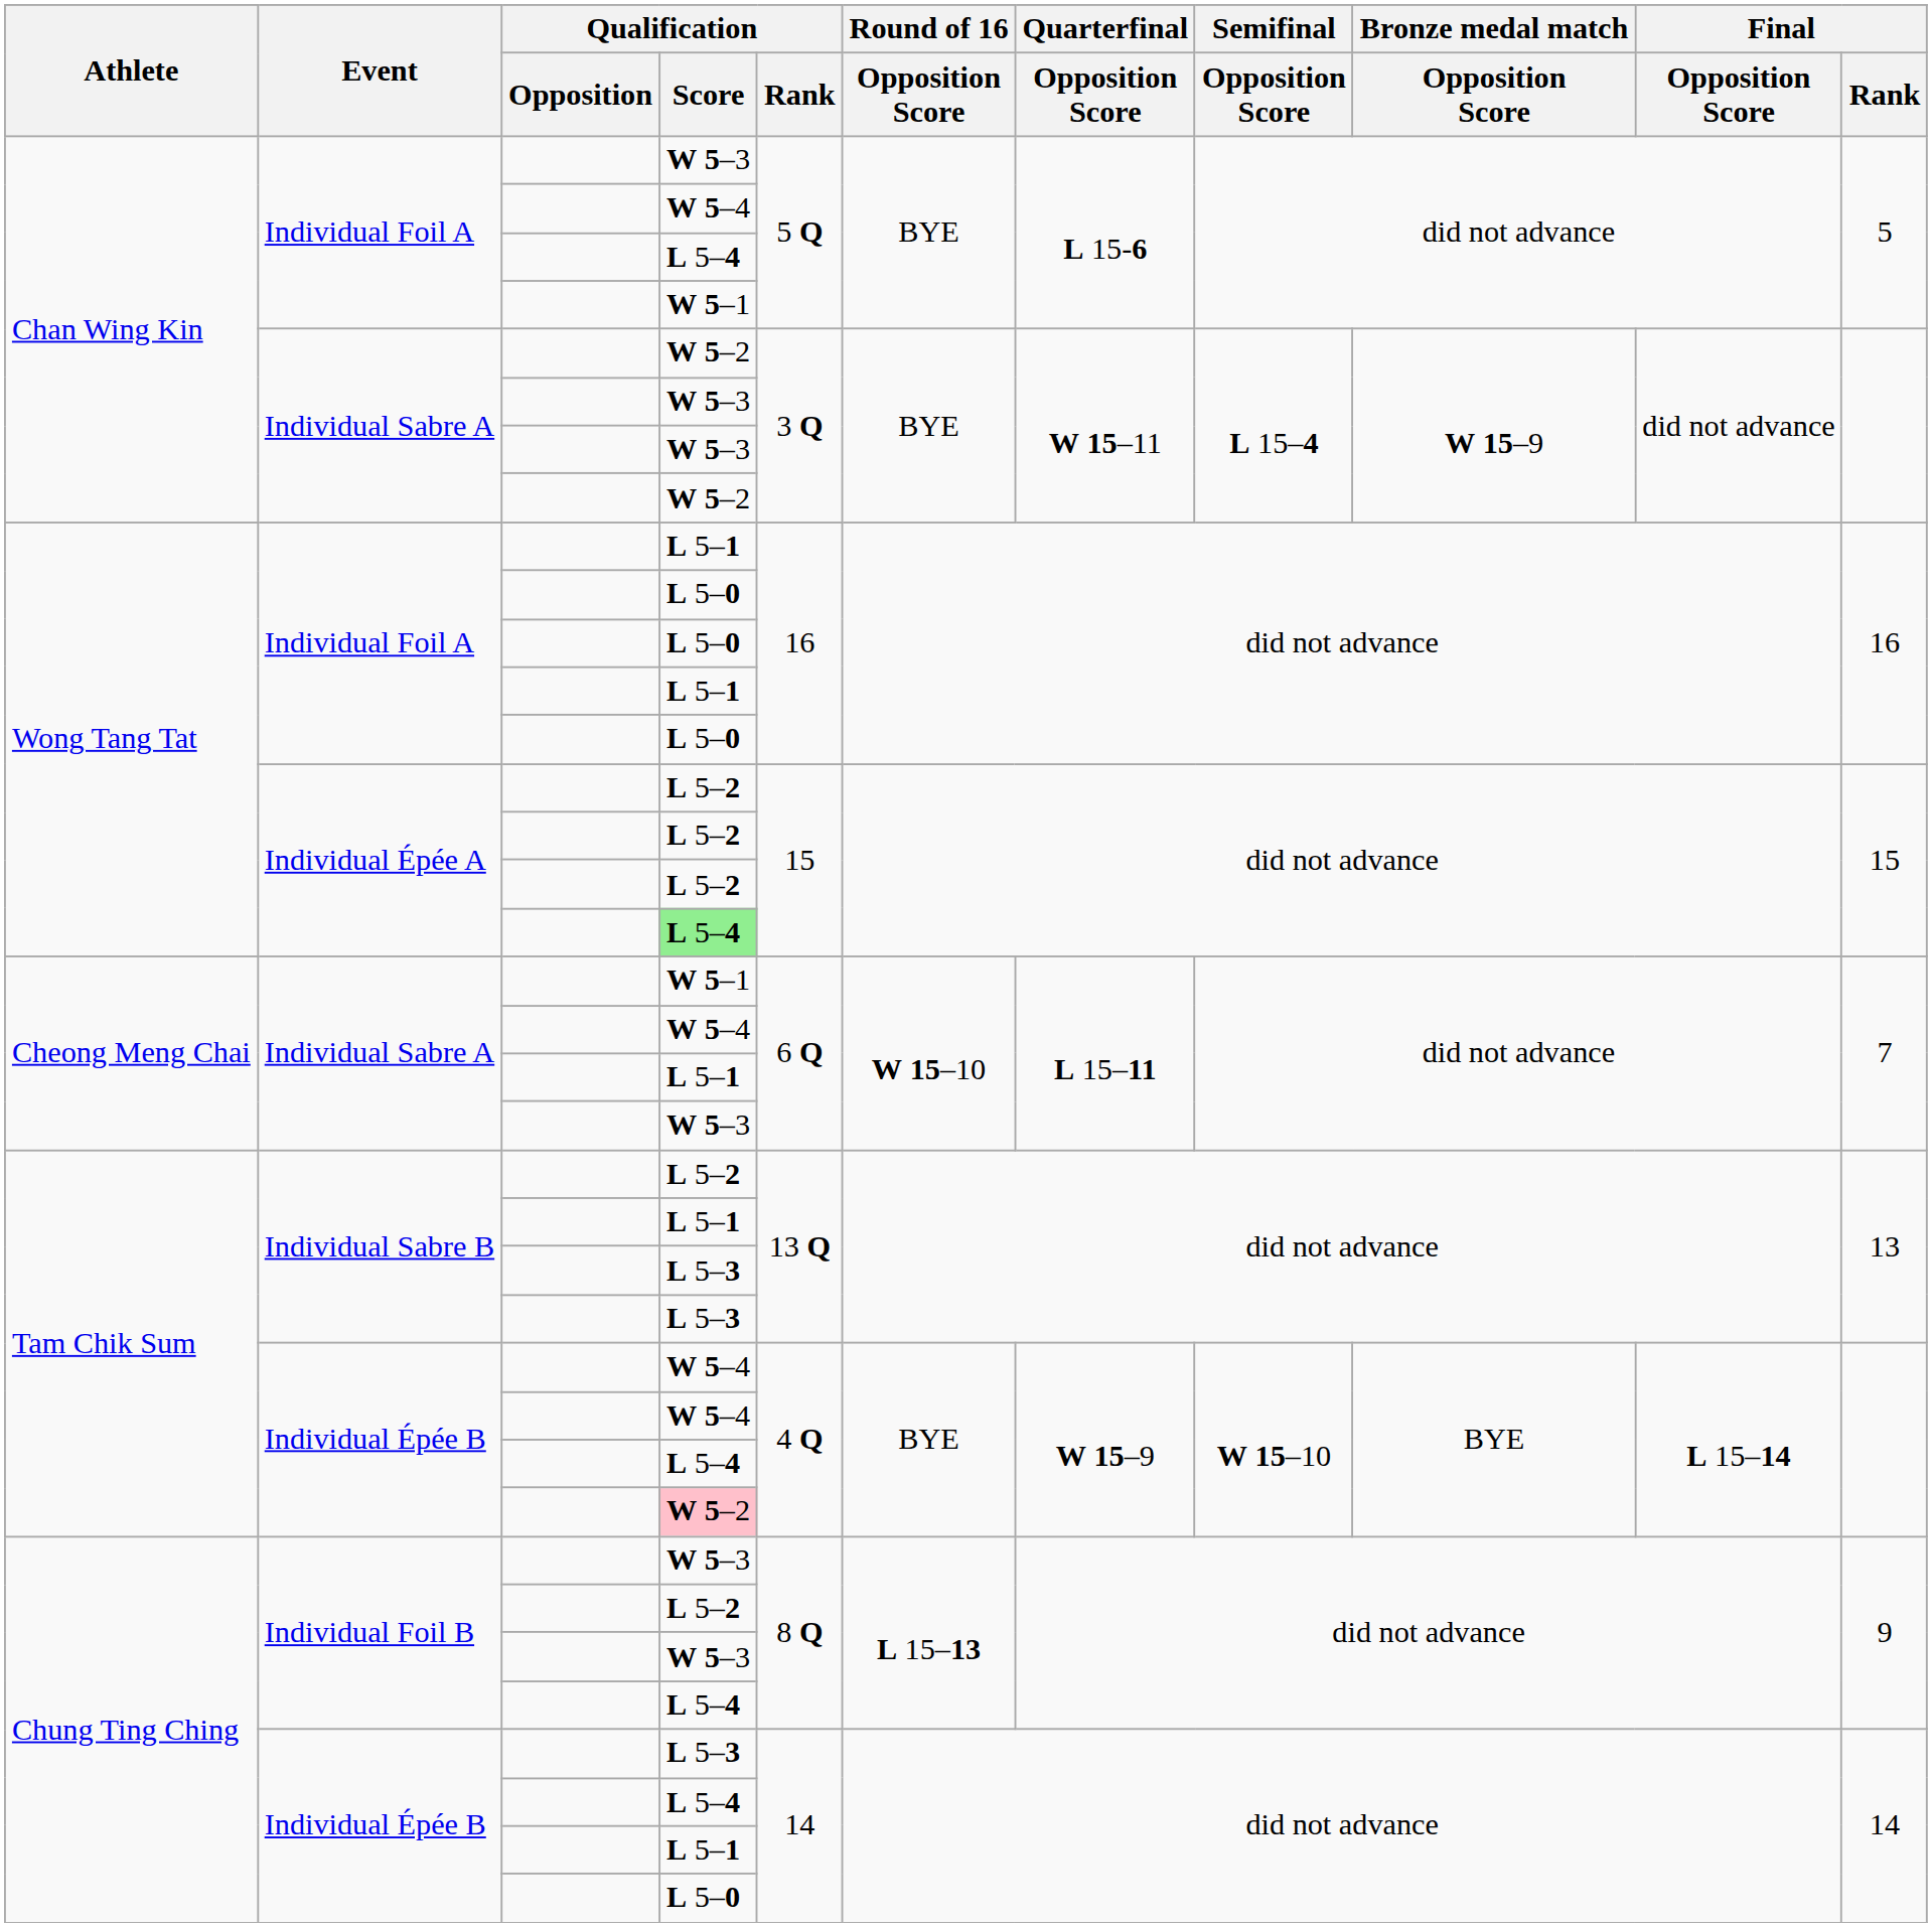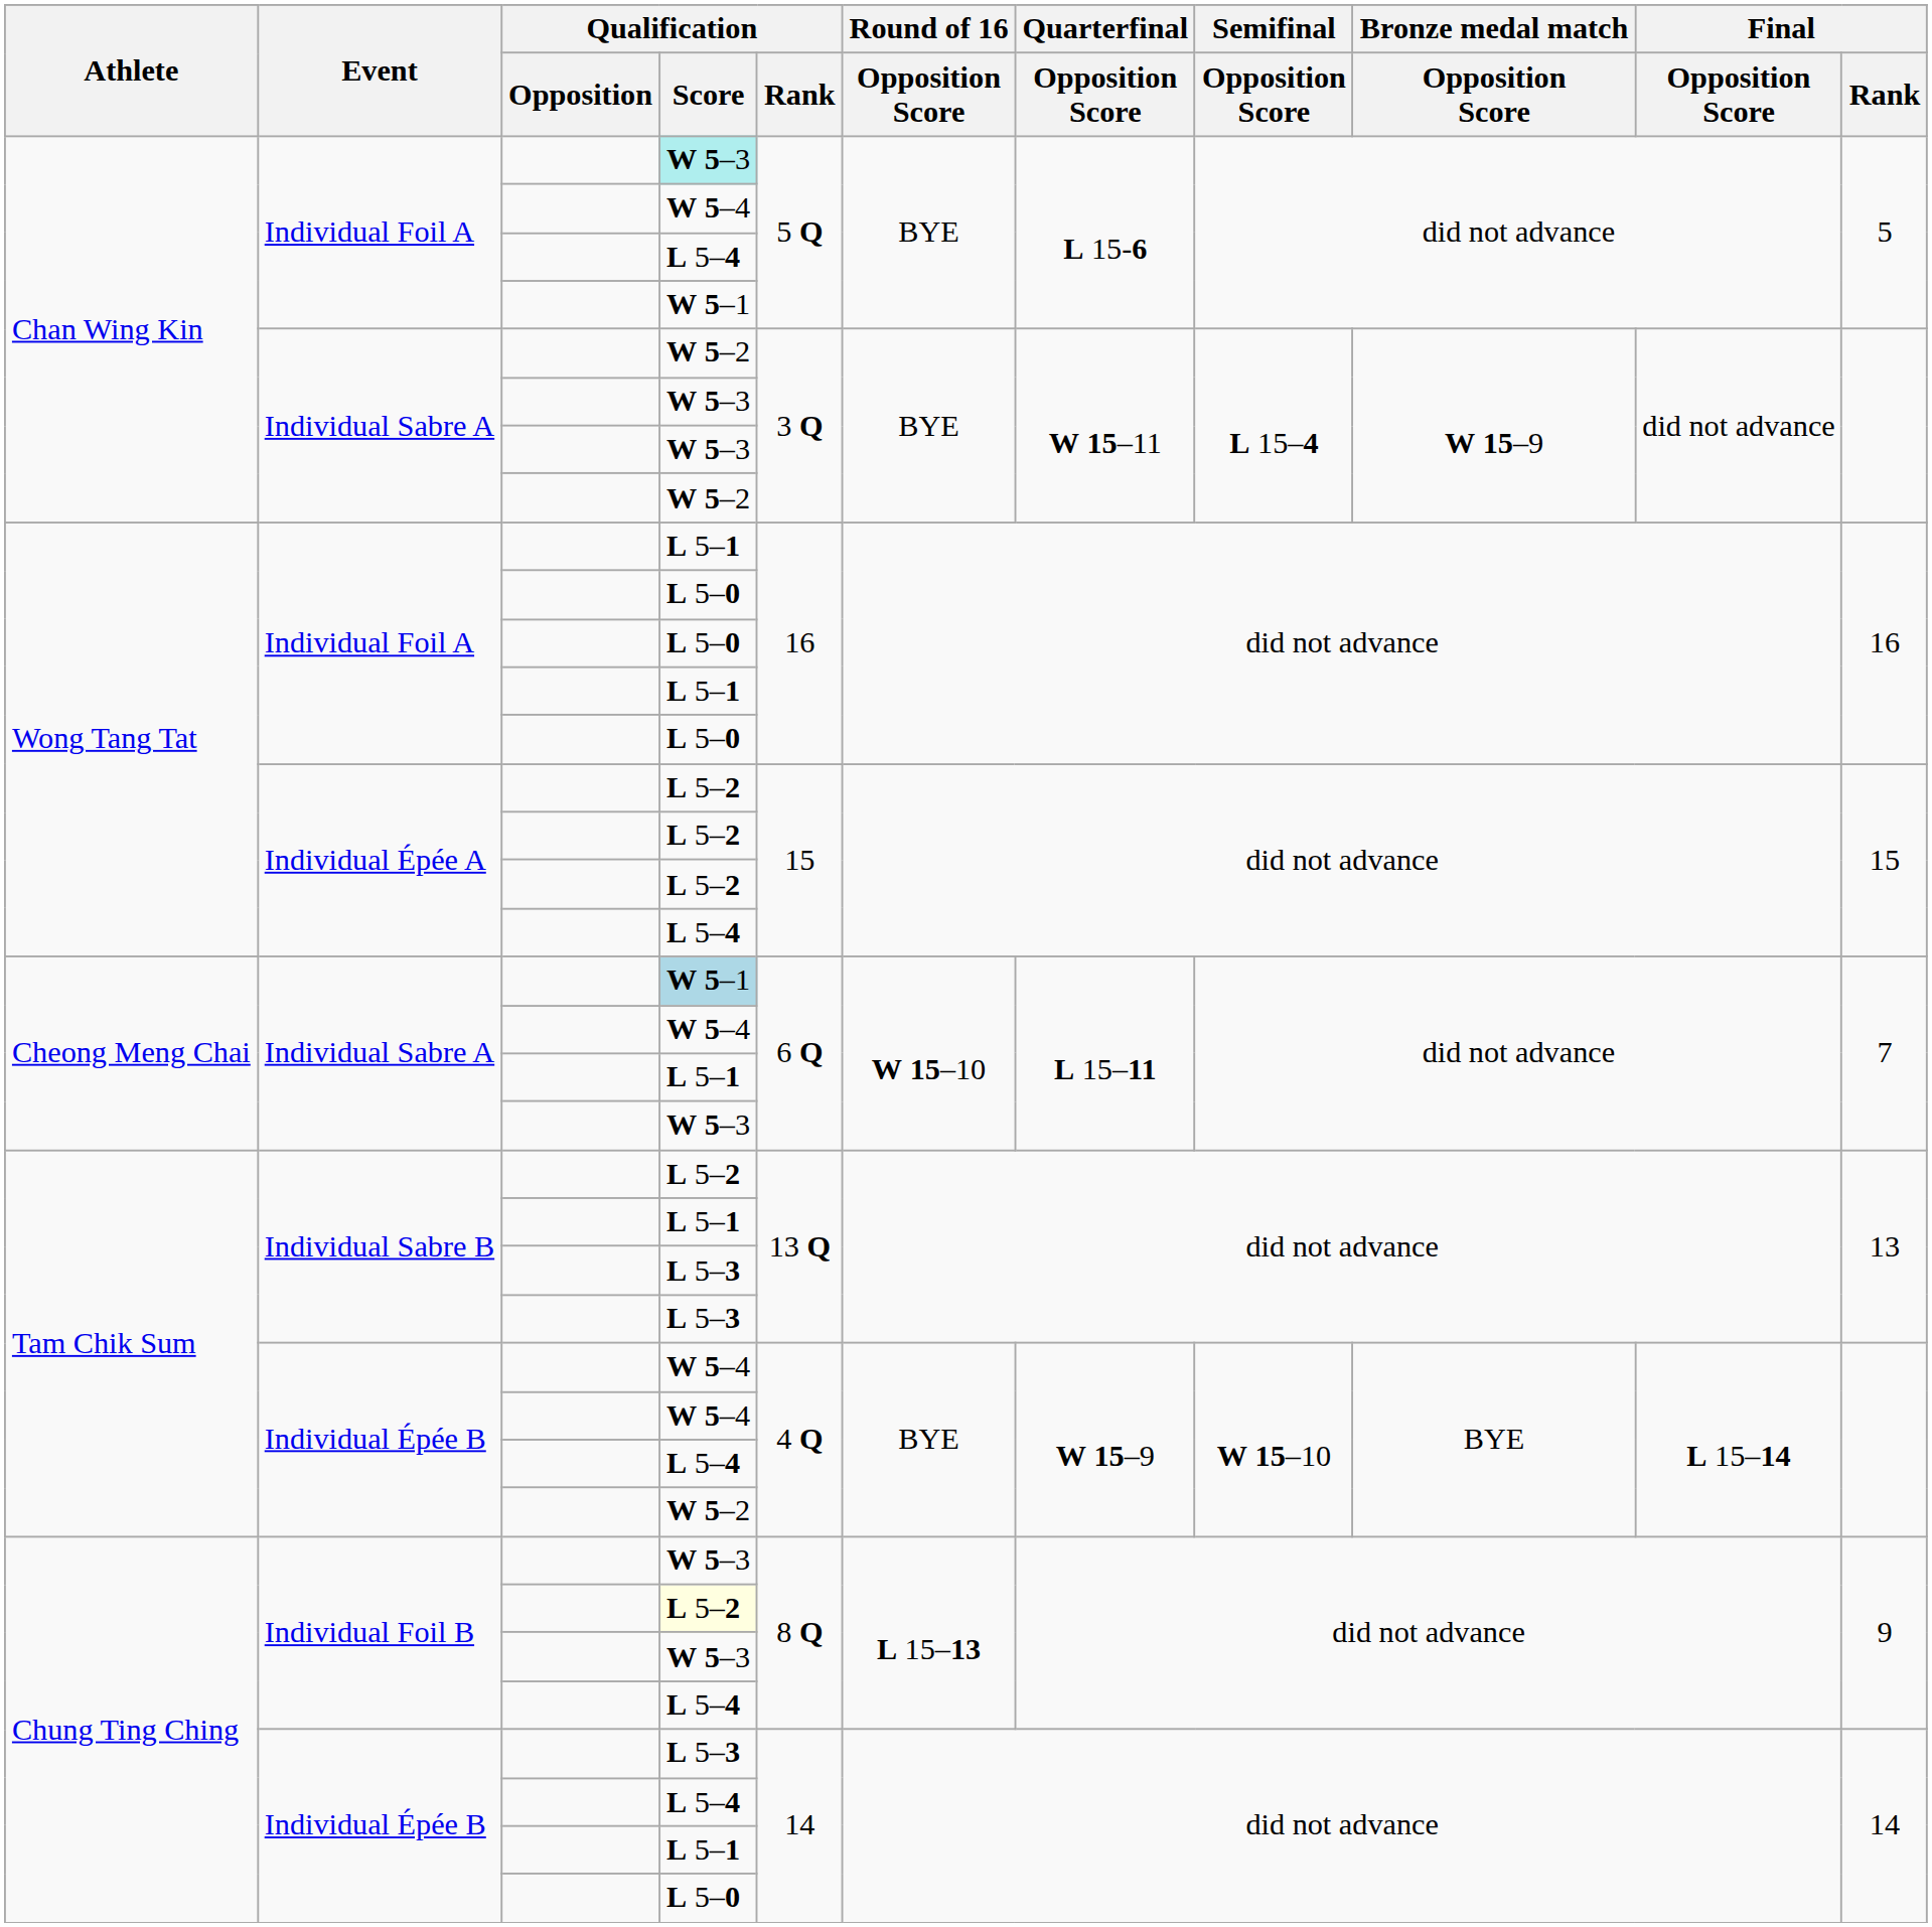 <table class=wikitable>
 <tr>
 <th rowspan="2">Athlete</th>
 <th rowspan="2">Event</th>
 <th colspan="3">Qualification</th>
 <th>Round of 16</th>
 <th>Quarterfinal</th>
 <th>Semifinal</th>
 <th>Bronze medal match</th>
 <th colspan="2">Final</th>
 </tr>
 <tr>
 <th>Opposition</th>
 <th>Score</th>
 <th>Rank</th>
 <th>Opposition<br>Score</th>
 <th>Opposition<br>Score</th>
 <th>Opposition<br>Score</th>
 <th>Opposition<br>Score</th>
 <th>Opposition<br>Score</th>
 <th>Rank</th>
 </tr>
 <tr>
 <td rowspan="8"><a href='#'>Chan Wing Kin</a></td>
 <td rowspan=4><a href='#'>Individual Foil A</a></td>
 <td></td>
-<td><strong>W</strong> <strong>5</strong>–3</td>
+<td style="background: paleturquoise;"><strong>W</strong> <strong>5</strong>–3</td>
 <td align="center" rowspan=4>5 <strong>Q</strong></td>
 <td align="center" rowspan=4>BYE</td>
 <td align="center" rowspan=4><br><strong>L</strong> 15-<strong>6</strong></td>
 <td align="center" rowspan=4 colspan="3">did not advance</td>
 <td align="center" rowspan=4 colspan="3">5</td>
 </tr>
 <tr>
 <td></td>
 <td><strong>W</strong> <strong>5</strong>–4</td>
 </tr>
 <tr>
 <td></td>
 <td><strong>L</strong> 5–<strong>4</strong></td>
 </tr>
 <tr>
 <td></td>
 <td><strong>W</strong> <strong>5</strong>–1</td>
 </tr>
 <tr>
 <td rowspan=4><a href='#'>Individual Sabre A</a></td>
 <td></td>
 <td><strong>W</strong> <strong>5</strong>–2</td>
 <td align="center" rowspan=4>3 <strong>Q</strong></td>
 <td align="center" rowspan=4>BYE</td>
 <td align="center" rowspan=4><br> <strong>W</strong> <strong>15</strong>–11</td>
 <td align="center" rowspan=4><br> <strong>L</strong> 15–<strong>4</strong></td>
 <td align="center" rowspan=4><br> <strong>W</strong> <strong>15</strong>–9</td>
 <td align="center" rowspan=4>did not advance</td>
 <td align="center" rowspan=4></td>
 </tr>
 <tr>
 <td></td>
 <td><strong>W</strong> <strong>5</strong>–3</td>
 </tr>
 <tr>
 <td></td>
 <td><strong>W</strong> <strong>5</strong>–3</td>
 </tr>
 <tr>
 <td></td>
 <td><strong>W</strong> <strong>5</strong>–2</td>
 </tr>
 <tr>
 <td rowspan="9"><a href='#'>Wong Tang Tat</a></td>
 <td rowspan=5><a href='#'>Individual Foil A</a></td>
 <td></td>
 <td><strong>L</strong> 5–<strong>1</strong></td>
 <td align="center" rowspan=5>16</td>
 <td align="center" rowspan=5 colspan="5">did not advance</td>
 <td align="center" rowspan=5>16</td>
 </tr>
 <tr>
 <td></td>
 <td><strong>L</strong> 5–<strong>0</strong></td>
 </tr>
 <tr>
 <td></td>
 <td><strong>L</strong> 5–<strong>0</strong></td>
 </tr>
 <tr>
 <td></td>
 <td><strong>L</strong> 5–<strong>1</strong></td>
 </tr>
 <tr>
 <td></td>
 <td><strong>L</strong> 5–<strong>0</strong></td>
 </tr>
 <tr>
 <td rowspan=4><a href='#'>Individual Épée A</a></td>
 <td></td>
 <td><strong>L</strong> 5–<strong>2</strong></td>
 <td align="center" rowspan=4>15</td>
 <td align="center" rowspan=4 colspan="5">did not advance</td>
 <td align="center" rowspan=4>15</td>
 </tr>
 <tr>
 <td></td>
 <td><strong>L</strong> 5–<strong>2</strong></td>
 </tr>
 <tr>
 <td></td>
 <td><strong>L</strong> 5–<strong>2</strong></td>
 </tr>
 <tr>
 <td></td>
-<td style="background: lightgreen;"><strong>L</strong> 5–<strong>4</strong></td>
+<td><strong>L</strong> 5–<strong>4</strong></td>
 </tr>
 <tr>
 <td rowspan="4"><a href='#'>Cheong Meng Chai</a></td>
 <td rowspan=4><a href='#'>Individual Sabre A</a></td>
 <td></td>
-<td><strong>W</strong> <strong>5</strong>–1</td>
+<td style="background: lightblue;"><strong>W</strong> <strong>5</strong>–1</td>
 <td align="center" rowspan=4>6 <strong>Q</strong></td>
 <td align="center" rowspan=4><br><strong>W</strong> <strong>15</strong>–10</td>
 <td align="center" rowspan=4><br> <strong>L</strong> 15–<strong>11</strong></td>
 <td align="center" rowspan=4 colspan="3">did not advance</td>
 <td align="center" rowspan=4 colspan="3">7</td>
 </tr>
 <tr>
 <td></td>
 <td><strong>W</strong> <strong>5</strong>–4</td>
 </tr>
 <tr>
 <td></td>
 <td><strong>L</strong> 5–<strong>1</strong></td>
 </tr>
 <tr>
 <td></td>
 <td><strong>W</strong> <strong>5</strong>–3</td>
 </tr>
 <tr>
 <td rowspan="8"><a href='#'>Tam Chik Sum</a></td>
 <td rowspan="4"><a href='#'>Individual Sabre B</a></td>
 <td></td>
 <td><strong>L</strong> 5–<strong>2</strong></td>
 <td align="center" rowspan=4>13 <strong>Q</strong></td>
 <td align="center" rowspan=4 colspan="5">did not advance</td>
 <td align="center" rowspan=4 colspan="3">13</td>
 </tr>
 <tr>
 <td></td>
 <td><strong>L</strong> 5–<strong>1</strong></td>
 </tr>
 <tr>
 <td></td>
 <td><strong>L</strong> 5–<strong>3</strong></td>
 </tr>
 <tr>
 <td></td>
 <td><strong>L</strong> 5–<strong>3</strong></td>
 </tr>
 <tr>
 <td rowspan="4"><a href='#'>Individual Épée B</a></td>
 <td></td>
 <td><strong>W</strong> <strong>5</strong>–4</td>
 <td align="center" rowspan=4>4 <strong>Q</strong></td>
 <td align="center" rowspan=4>BYE</td>
 <td align="center" rowspan=4><br> <strong>W</strong> <strong>15</strong>–9</td>
 <td align="center" rowspan=4><br> <strong>W</strong> <strong>15</strong>–10</td>
 <td align="center" rowspan=4>BYE</td>
 <td align="center" rowspan=4><br> <strong>L</strong> 15–<strong>14</strong></td>
 <td align="center" rowspan=4></td>
 </tr>
 <tr>
 <td></td>
 <td><strong>W</strong> <strong>5</strong>–4</td>
 </tr>
 <tr>
 <td></td>
 <td><strong>L</strong> 5–<strong>4</strong></td>
 </tr>
 <tr>
 <td></td>
-<td style="background: pink;"><strong>W</strong> <strong>5</strong>–2</td>
+<td><strong>W</strong> <strong>5</strong>–2</td>
 </tr>
 <tr>
 <td rowspan="8"><a href='#'>Chung Ting Ching</a></td>
 <td rowspan="4"><a href='#'>Individual Foil B</a></td>
 <td></td>
 <td><strong>W</strong> <strong>5</strong>–3</td>
 <td align="center" rowspan=4>8 <strong>Q</strong></td>
 <td align="center" rowspan=4><br> <strong>L</strong> 15–<strong>13</strong></td>
 <td align="center" rowspan=4 colspan="4">did not advance</td>
 <td align="center" rowspan=4>9</td>
 </tr>
 <tr>
 <td></td>
-<td><strong>L</strong> 5–<strong>2</strong></td>
+<td style="background: lightyellow;"><strong>L</strong> 5–<strong>2</strong></td>
 </tr>
 <tr>
 <td></td>
 <td><strong>W</strong> <strong>5</strong>–3</td>
 </tr>
 <tr>
 <td></td>
 <td><strong>L</strong> 5–<strong>4</strong></td>
 </tr>
 <tr>
 <td rowspan="4"><a href='#'>Individual Épée B</a></td>
 <td></td>
 <td><strong>L</strong> 5–<strong>3</strong></td>
 <td align="center" rowspan=4>14</td>
 <td align="center" rowspan=4 colspan="5">did not advance</td>
 <td align="center" rowspan=4>14</td>
 </tr>
 <tr>
 <td></td>
 <td><strong>L</strong> 5–<strong>4</strong></td>
 </tr>
 <tr>
 <td></td>
 <td><strong>L</strong> 5–<strong>1</strong></td>
 </tr>
 <tr>
 <td></td>
 <td><strong>L</strong> 5–<strong>0</strong></td>
 </tr>
 <tr>
 </tr>
 </table>
